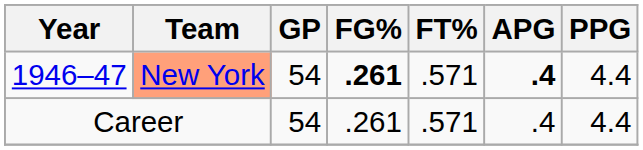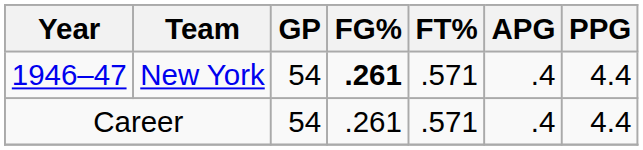 <table class="wikitable sortable" style="font-size:95%; text-align:right;">
 <tr>
 <th>Year</th>
 <th>Team</th>
 <th>GP</th>
 <th>FG%</th>
 <th>FT%</th>
 <th>APG</th>
 <th>PPG</th>
 </tr>
 <tr>
 <td style="text-align:left;"><a href='#'>1946–47</a></td>
-<td style="background: lightsalmon; text-align:left;"><a href='#'>New York</a></td>
+<td style="text-align:left;"><a href='#'>New York</a></td>
 <td>54</td>
 <td><strong>.261</strong></td>
 <td>.571</td>
-<td><strong>.4</strong></td>
+<td>.4</td>
 <td>4.4</td>
 </tr>
 <tr>
 <td style="text-align:center;" colspan="2">Career</td>
 <td>54</td>
 <td>.261</td>
 <td>.571</td>
 <td>.4</td>
 <td>4.4</td>
 </tr>
 <tr>
 </tr>
 </table>
